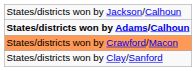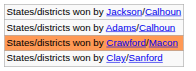 <table class="wikitable">
 <tr>
 <td>States/districts won by <a href='#'>Jackson</a>/<a href='#'>Calhoun</a></td>
 </tr>
 <tr>
-<td><strong>States/districts won by <a href='#'>Adams</a>/<a href='#'>Calhoun</a></strong></td>
+<td>States/districts won by <a href='#'>Adams</a>/<a href='#'>Calhoun</a></td>
 </tr>
 <tr bgcolor="#ff9955">
 <td>States/districts won by <a href='#'>Crawford</a>/<a href='#'>Macon</a></td>
 </tr>
 <tr>
 <td>States/districts won by <a href='#'>Clay</a>/<a href='#'>Sanford</a></td>
 </tr>
 </table>
